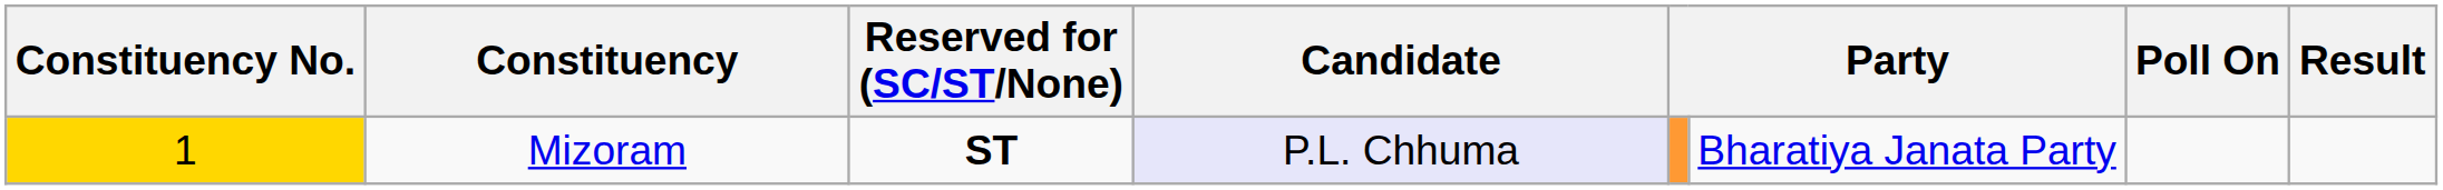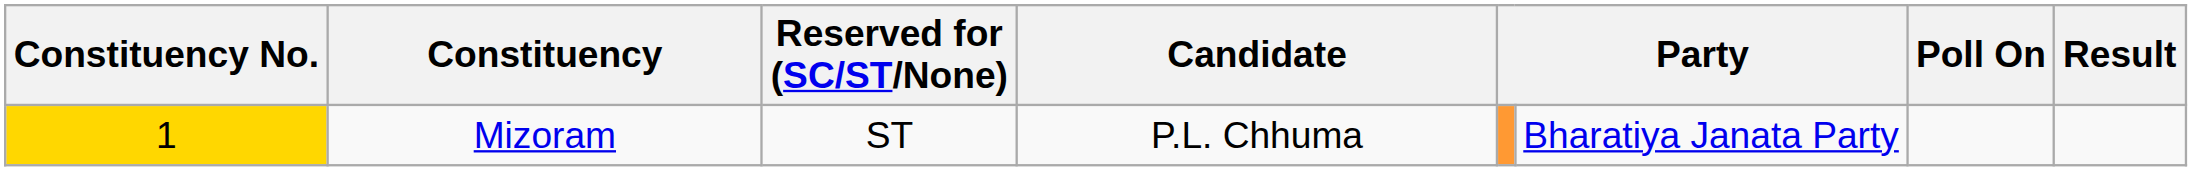 <table class="wikitable sortable" style="text-align:center;">
 <tr>
 <th>Constituency No.</th>
 <th style="width:180px;">Constituency</th>
 <th>Reserved for<br>(<a href='#'>SC/ST</a>/None)</th>
 <th style="width:200px;">Candidate</th>
 <th colspan="2">Party</th>
 <th>Poll On</th>
 <th>Result</th>
 </tr>
 <tr>
 <td style="background: gold; text-align:center;">1</td>
 <td><a href='#'>Mizoram</a></td>
-<td><strong>ST</strong></td>
-<td style="background: lavender;">P.L. Chhuma</td>
+<td>ST</td>
+<td>P.L. Chhuma</td>
 <td bgcolor=#FF9933></td>
 <td><a href='#'>Bharatiya Janata Party</a></td>
 <td></td>
 <td></td>
 </tr>
 </table>
